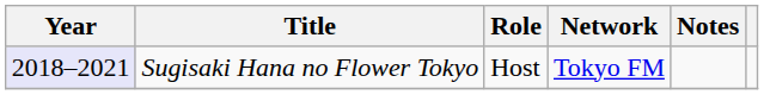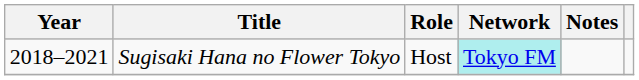 <table class="wikitable">
 <tr>
 <th>Year</th>
 <th>Title</th>
 <th>Role</th>
 <th>Network</th>
 <th>Notes</th>
 <th class = "unsortable"></th>
 </tr>
 <tr>
-<td style="background: lavender;">2018–2021</td>
+<td>2018–2021</td>
 <td><em>Sugisaki Hana no Flower Tokyo</em></td>
 <td>Host</td>
-<td><a href='#'>Tokyo FM</a></td>
+<td style="background: paleturquoise;"><a href='#'>Tokyo FM</a></td>
 <td></td>
 <td></td>
 </tr>
 <tr>
 </tr>
 </table>
